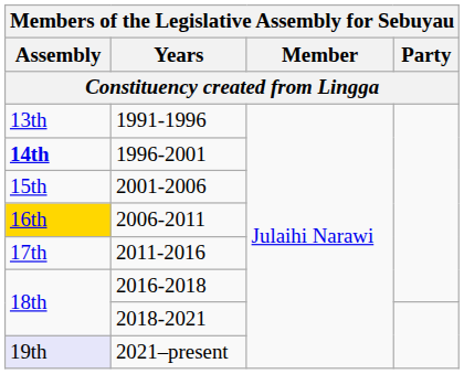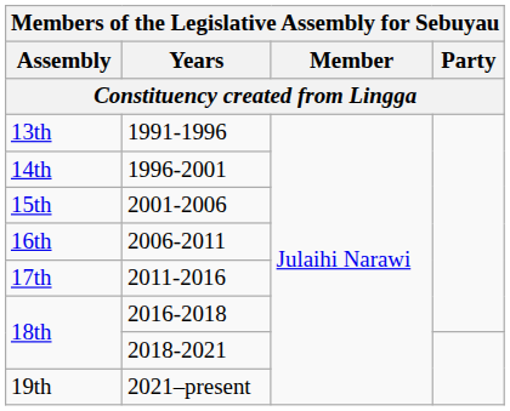 <table class=wikitable>
 <tr>
 <th colspan="4">Members of the Legislative Assembly for Sebuyau</th>
 </tr>
 <tr>
 <th>Assembly</th>
 <th>Years</th>
 <th>Member</th>
 <th>Party</th>
 </tr>
 <tr>
 <th colspan=4 align=center><em>Constituency created from Lingga</em></th>
 </tr>
 <tr>
 <td><a href='#'>13th</a></td>
 <td>1991-1996</td>
 <td rowspan="8"><a href='#'>Julaihi Narawi</a></td>
 <td rowspan=6></td>
 </tr>
 <tr>
-<td><strong><a href='#'>14th</a></strong></td>
+<td><a href='#'>14th</a></td>
 <td>1996-2001</td>
 </tr>
 <tr>
 <td><a href='#'>15th</a></td>
 <td>2001-2006</td>
 </tr>
 <tr>
-<td style="background: gold;"><a href='#'>16th</a></td>
+<td><a href='#'>16th</a></td>
 <td>2006-2011</td>
 </tr>
 <tr>
 <td><a href='#'>17th</a></td>
 <td>2011-2016</td>
 </tr>
 <tr>
 <td rowspan="2"><a href='#'>18th</a></td>
 <td>2016-2018</td>
 </tr>
 <tr>
 <td>2018-2021</td>
 <td rowspan="2"></td>
 </tr>
 <tr>
-<td style="background: lavender;">19th</td>
+<td>19th</td>
 <td>2021–present</td>
 </tr>
 </table>
